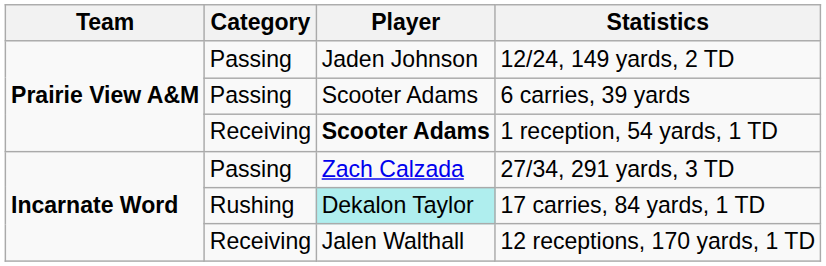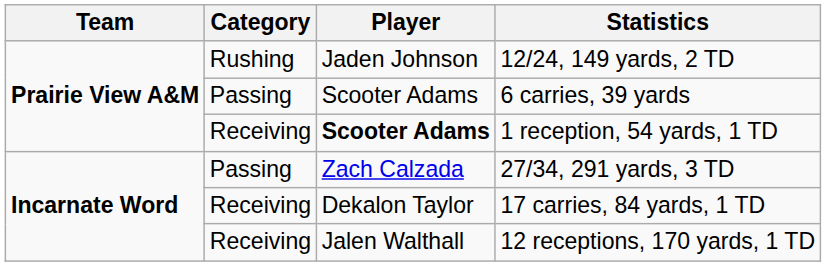 <table class="wikitable" style="float: right;">
 <tr>
 <th>Team</th>
 <th>Category</th>
 <th>Player</th>
 <th>Statistics</th>
 </tr>
 <tr>
 <td rowspan=3><strong>Prairie View A&M</strong></td>
-<td>Passing</td>
+<td>Rushing</td>
 <td>Jaden Johnson</td>
 <td>12/24, 149 yards, 2 TD</td>
 </tr>
 <tr>
 <td>Passing</td>
 <td>Scooter Adams</td>
 <td>6 carries, 39 yards</td>
 </tr>
 <tr>
 <td>Receiving</td>
 <td><strong>Scooter Adams</strong></td>
 <td>1 reception, 54 yards, 1 TD</td>
 </tr>
 <tr>
 <td rowspan=3><strong>Incarnate Word</strong></td>
 <td>Passing</td>
 <td><a href='#'>Zach Calzada</a></td>
 <td>27/34, 291 yards, 3 TD</td>
 </tr>
 <tr>
-<td>Rushing</td>
-<td style="background: paleturquoise;">Dekalon Taylor</td>
+<td>Receiving</td>
+<td>Dekalon Taylor</td>
 <td>17 carries, 84 yards, 1 TD</td>
 </tr>
 <tr>
 <td>Receiving</td>
 <td>Jalen Walthall</td>
 <td>12 receptions, 170 yards, 1 TD</td>
 </tr>
 </table>
